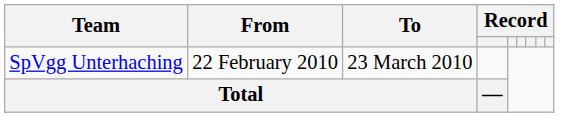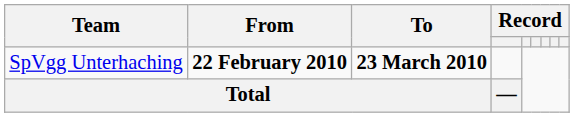 <table class="wikitable" style="text-align: center">
 <tr>
 <th rowspan="2">Team</th>
 <th rowspan="2">From</th>
 <th rowspan="2">To</th>
 <th colspan="6">Record</th>
 </tr>
 <tr>
 <th></th>
 <th></th>
 <th></th>
 <th></th>
 <th></th>
 <th></th>
 </tr>
 <tr>
 <td><a href='#'>SpVgg Unterhaching</a></td>
-<td>22 February 2010</td>
-<td>23 March 2010<br></td>
+<td><strong>22 February 2010</strong></td>
+<td><strong>23 March 2010<br></strong></td>
 <td></td>
 </tr>
 <tr>
 <th colspan="3">Total<br></th>
 <th>—</th>
 </tr>
 </table>
